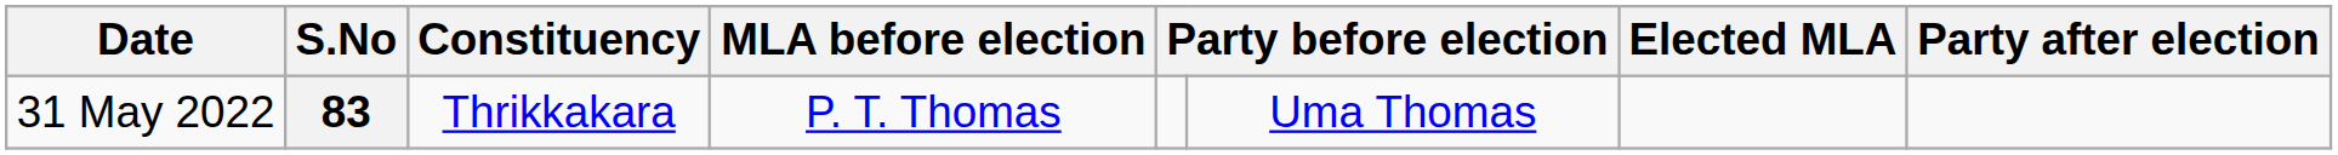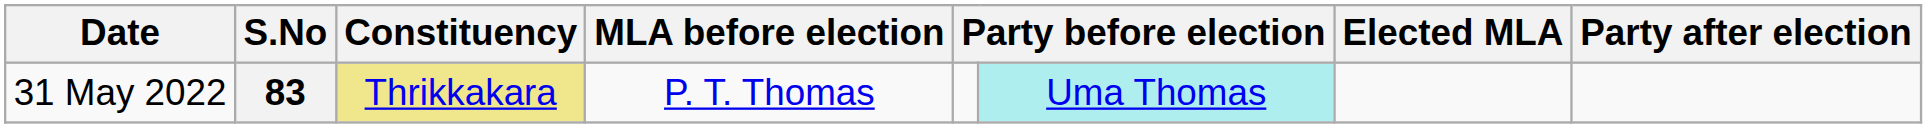 <table class="wikitable sortable" style="text-align:center;">
 <tr>
 <th>Date</th>
 <th>S.No</th>
 <th>Constituency</th>
 <th>MLA before election</th>
 <th colspan="2">Party before election</th>
 <th>Elected MLA</th>
 <th colspan="2">Party after election</th>
 </tr>
 <tr>
 <td>31 May 2022</td>
 <th>83</th>
-<td><a href='#'>Thrikkakara</a></td>
+<td style="background: khaki;"><a href='#'>Thrikkakara</a></td>
 <td><a href='#'>P. T. Thomas</a></td>
 <td></td>
-<td><a href='#'>Uma Thomas</a></td>
+<td style="background: paleturquoise;"><a href='#'>Uma Thomas</a></td>
 <td></td>
 </tr>
 </table>
